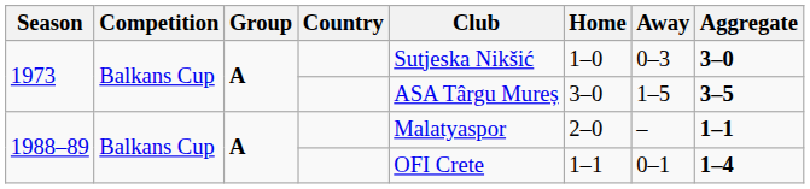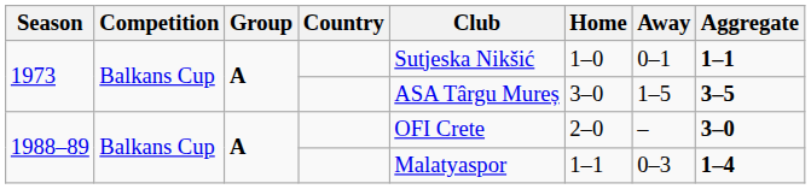 <table class="wikitable">
 <tr>
 <th>Season</th>
 <th>Competition</th>
 <th>Group</th>
 <th>Country</th>
 <th>Club</th>
 <th>Home</th>
 <th>Away</th>
 <th>Aggregate</th>
 </tr>
 <tr>
 <td rowspan=2><a href='#'>1973</a></td>
 <td rowspan=2><a href='#'>Balkans Cup</a></td>
 <td rowspan=2><strong>A</strong></td>
 <td></td>
 <td><a href='#'>Sutjeska Nikšić</a></td>
 <td>1–0</td>
-<td>0–3</td>
-<td><strong>3–0</strong></td>
+<td>0–1</td>
+<td><strong>1–1</strong></td>
 </tr>
 <tr>
 <td></td>
 <td><a href='#'>ASA Târgu Mureș</a></td>
 <td>3–0</td>
 <td>1–5</td>
 <td><strong>3–5</strong></td>
 </tr>
 <tr>
 <td rowspan=2><a href='#'>1988–89</a></td>
 <td rowspan=2><a href='#'>Balkans Cup</a></td>
 <td rowspan=2><strong>A</strong></td>
 <td></td>
-<td><a href='#'>Malatyaspor</a></td>
+<td><a href='#'>OFI Crete</a></td>
 <td>2–0</td>
 <td colspan="1">–</td>
-<td><strong>1–1</strong></td>
+<td><strong>3–0</strong></td>
 </tr>
 <tr>
 <td></td>
-<td><a href='#'>OFI Crete</a></td>
+<td><a href='#'>Malatyaspor</a></td>
 <td>1–1</td>
-<td>0–1</td>
+<td>0–3</td>
 <td><strong>1–4</strong></td>
 </tr>
 </table>
